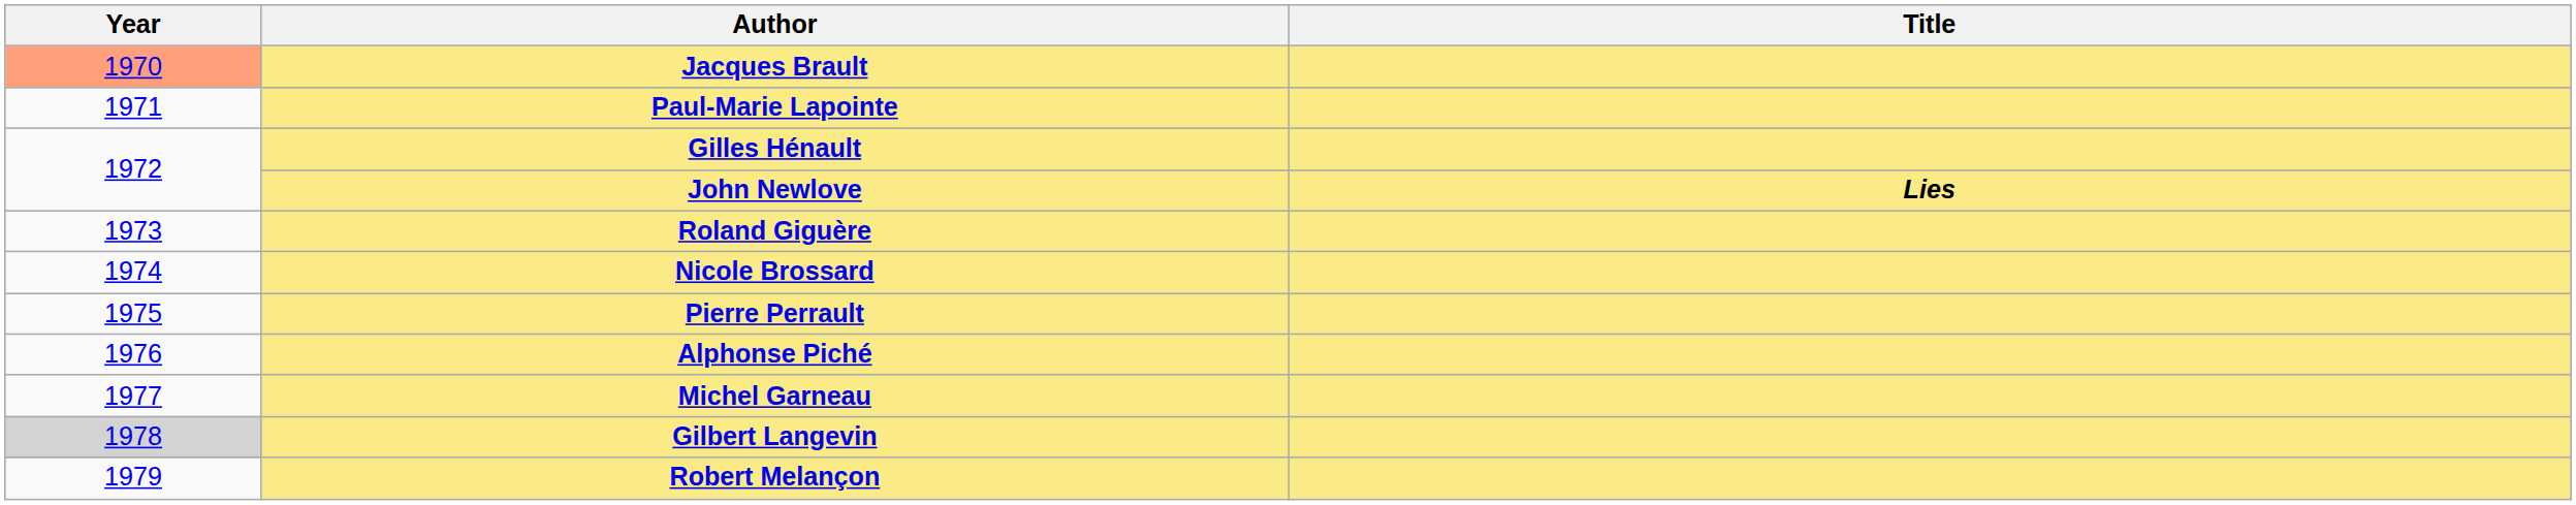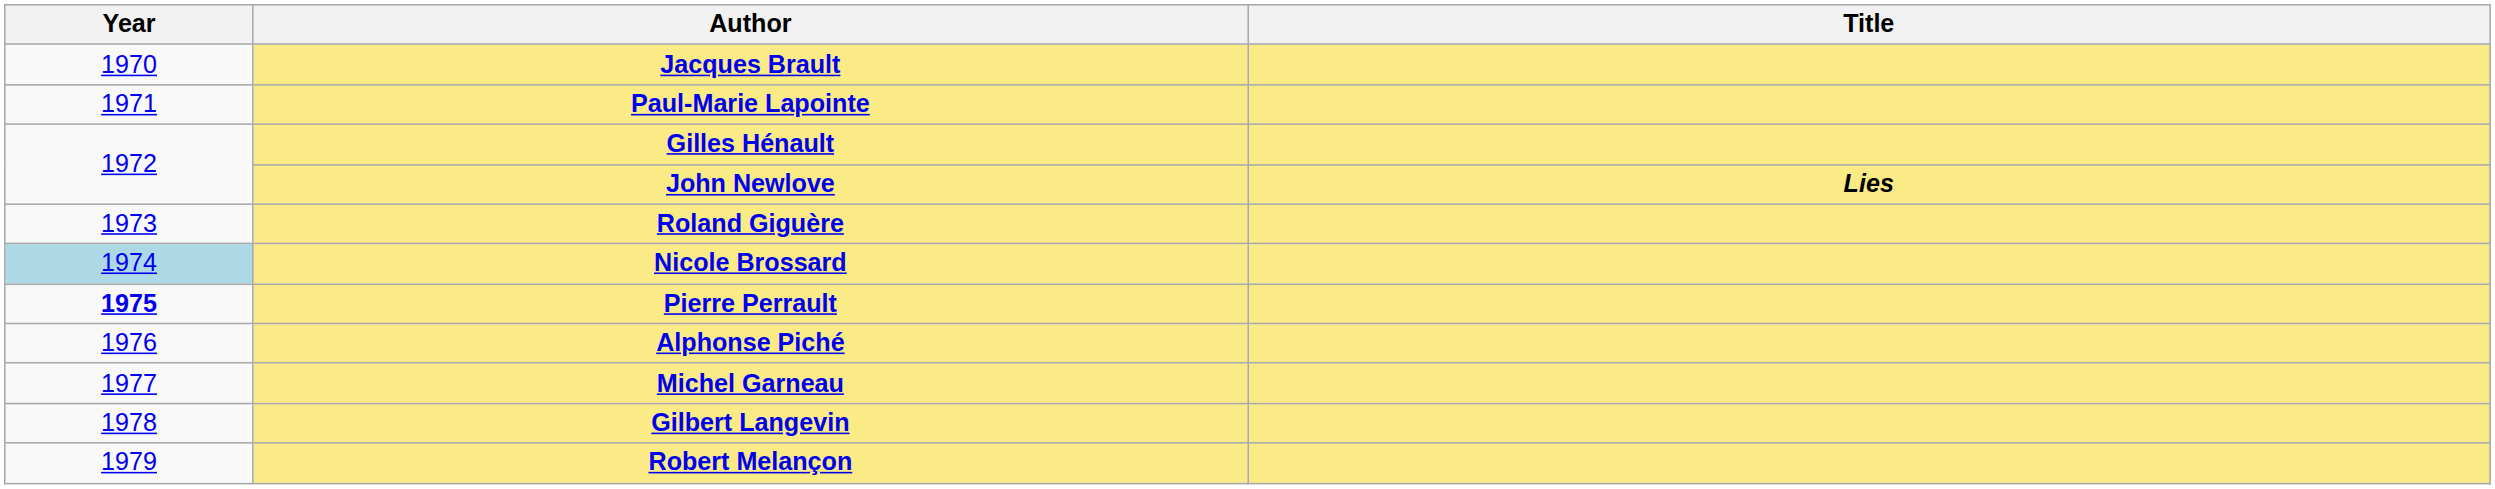 <table class="wikitable" width="100%">
 <tr>
 <th>Year</th>
 <th width="40%">Author</th>
 <th width="50%">Title</th>
 </tr>
 <tr>
-<td align="center" style="background: lightsalmon;"><a href='#'>1970</a></td>
+<td align="center"><a href='#'>1970</a></td>
 <td align="center" style="background:#FAEB86"><strong><a href='#'>Jacques Brault</a></strong></td>
 <td align="center" style="background:#FAEB86"><strong><em></em></strong></td>
 </tr>
 <tr>
 <td align="center"><a href='#'>1971</a></td>
 <td align="center" style="background:#FAEB86"><strong><a href='#'>Paul-Marie Lapointe</a></strong></td>
 <td align="center" style="background:#FAEB86"><strong><em></em></strong></td>
 </tr>
 <tr>
 <td align="center" rowspan=2><a href='#'>1972</a></td>
 <td align="center" style="background:#FAEB86"><strong><a href='#'>Gilles Hénault</a></strong></td>
 <td align="center" style="background:#FAEB86"><strong><em></em></strong></td>
 </tr>
 <tr>
 <td align="center" style="background:#FAEB86"><strong><a href='#'>John Newlove</a></strong></td>
 <td align="center" style="background:#FAEB86"><strong><em>Lies</em></strong></td>
 </tr>
 <tr>
 <td align="center"><a href='#'>1973</a></td>
 <td align="center" style="background:#FAEB86"><strong><a href='#'>Roland Giguère</a></strong></td>
 <td align="center" style="background:#FAEB86"><strong><em></em></strong></td>
 </tr>
 <tr>
-<td align="center"><a href='#'>1974</a></td>
+<td align="center" style="background: lightblue;"><a href='#'>1974</a></td>
 <td align="center" style="background:#FAEB86"><strong><a href='#'>Nicole Brossard</a></strong></td>
 <td align="center" style="background:#FAEB86"><strong><em></em></strong></td>
 </tr>
 <tr>
-<td align="center"><a href='#'>1975</a></td>
+<td align="center"><strong><a href='#'>1975</a></strong></td>
 <td align="center" style="background:#FAEB86"><strong><a href='#'>Pierre Perrault</a></strong></td>
 <td align="center" style="background:#FAEB86"><strong><em></em></strong></td>
 </tr>
 <tr>
 <td align="center"><a href='#'>1976</a></td>
 <td align="center" style="background:#FAEB86"><strong><a href='#'>Alphonse Piché</a></strong></td>
 <td align="center" style="background:#FAEB86"><strong><em></em></strong></td>
 </tr>
 <tr>
 <td align="center"><a href='#'>1977</a></td>
 <td align="center" style="background:#FAEB86"><strong><a href='#'>Michel Garneau</a></strong></td>
 <td align="center" style="background:#FAEB86"><strong><em></em></strong></td>
 </tr>
 <tr>
-<td align="center" style="background: lightgrey;"><a href='#'>1978</a></td>
+<td align="center"><a href='#'>1978</a></td>
 <td align="center" style="background:#FAEB86"><strong><a href='#'>Gilbert Langevin</a></strong></td>
 <td align="center" style="background:#FAEB86"><strong><em></em></strong></td>
 </tr>
 <tr>
 <td align="center"><a href='#'>1979</a></td>
 <td align="center" style="background:#FAEB86"><strong><a href='#'>Robert Melançon</a></strong></td>
 <td align="center" style="background:#FAEB86"><strong><em></em></strong></td>
 </tr>
 </table>
